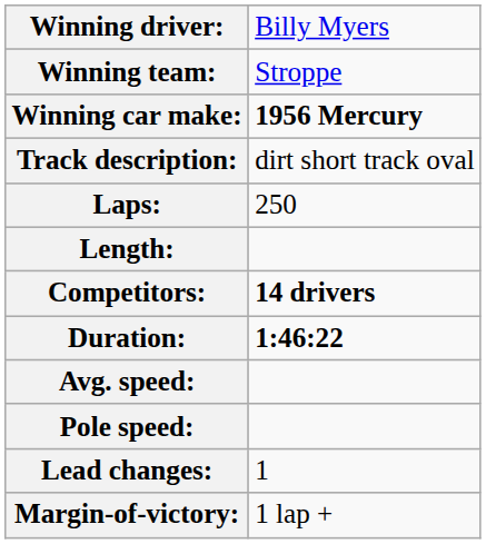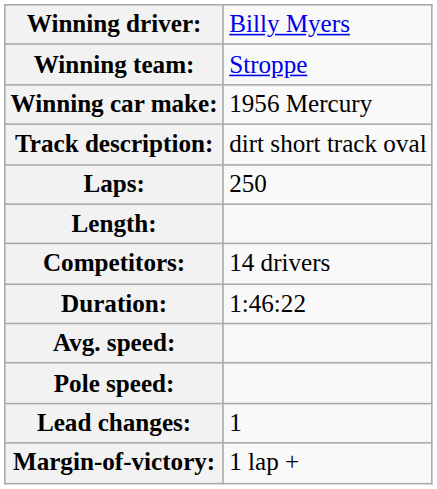 <table class="wikitable" style=text-align:left>
 <tr>
 <th>Winning driver:</th>
 <td><a href='#'>Billy Myers</a></td>
 </tr>
 <tr>
 <th>Winning team:</th>
 <td><a href='#'>Stroppe</a></td>
 </tr>
 <tr>
 <th>Winning car make:</th>
-<td><strong>1956 Mercury</strong></td>
+<td>1956 Mercury</td>
 </tr>
 <tr>
 <th>Track description:</th>
 <td> dirt short track oval</td>
 </tr>
 <tr>
 <th>Laps:</th>
 <td>250</td>
 </tr>
 <tr>
 <th>Length:</th>
 <td></td>
 </tr>
 <tr>
 <th>Competitors:</th>
-<td><strong>14 drivers</strong></td>
+<td>14 drivers</td>
 </tr>
 <tr>
 <th>Duration:</th>
-<td><strong>1:46:22</strong></td>
+<td>1:46:22</td>
 </tr>
 <tr>
 <th>Avg. speed:</th>
 <td></td>
 </tr>
 <tr>
 <th>Pole speed:</th>
 <td></td>
 </tr>
 <tr>
 <th>Lead changes:</th>
 <td>1</td>
 </tr>
 <tr>
 <th>Margin-of-victory:</th>
 <td>1 lap +</td>
 </tr>
 </table>
